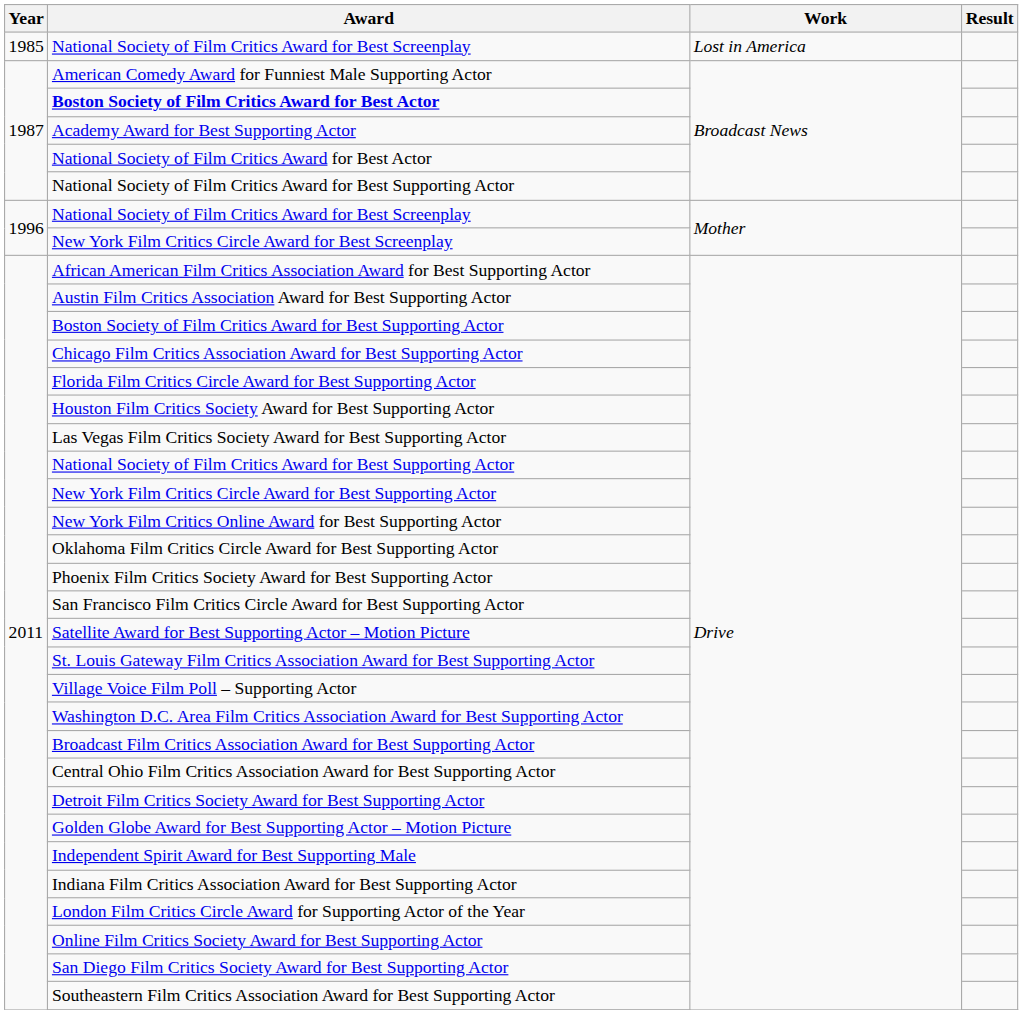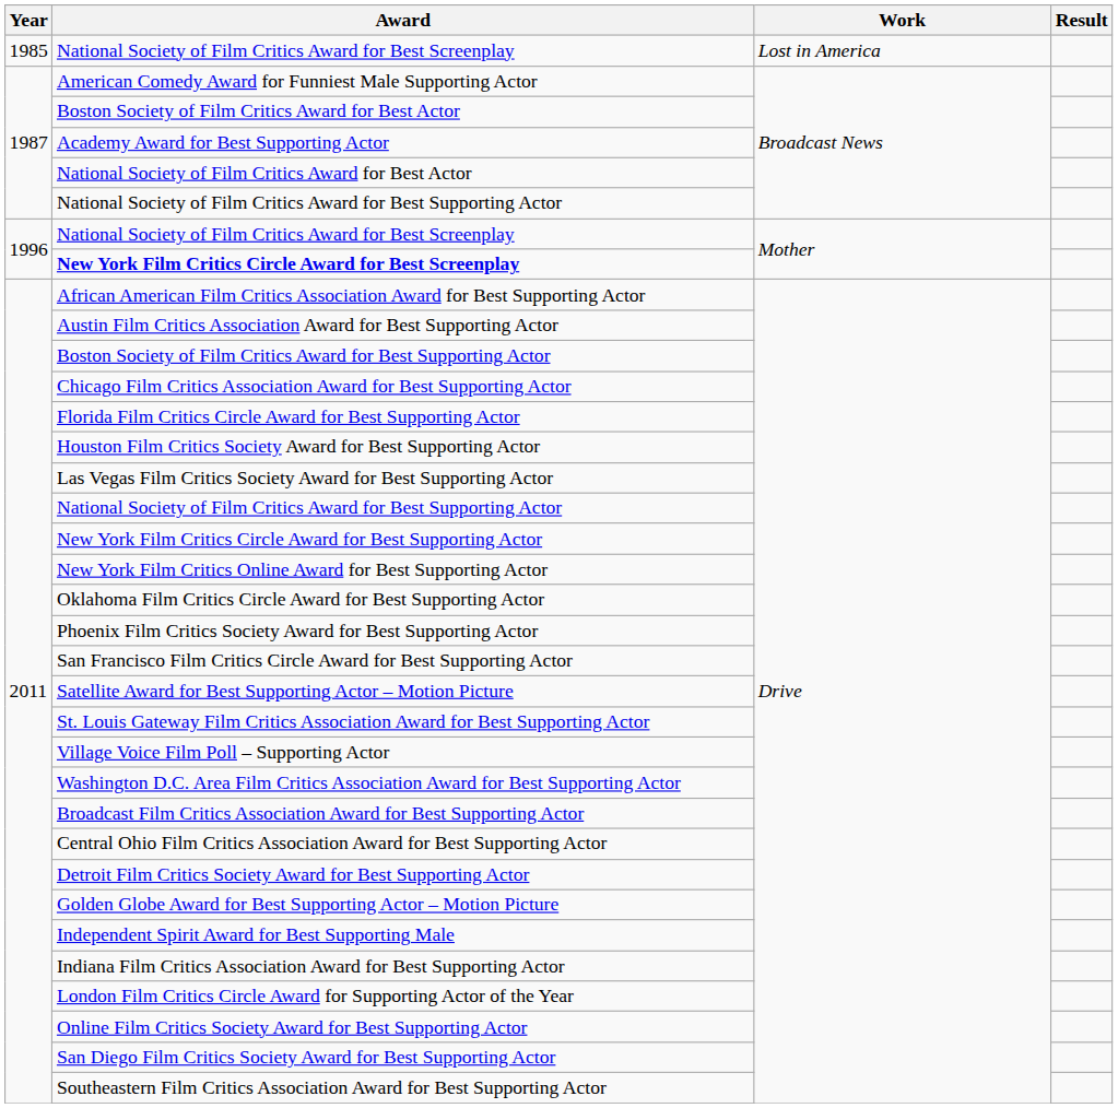 <table class=wikitable>
 <tr>
 <th scope="col" style="width:2em;">Year</th>
 <th scope="col" style="width:36em;">Award</th>
 <th scope="col" style="width:15em;">Work</th>
 <th scope="col" style="width:2em;">Result</th>
 </tr>
 <tr>
 <td>1985</td>
 <td><a href='#'>National Society of Film Critics Award for Best Screenplay</a></td>
 <td><em>Lost in America</em></td>
 <td></td>
 </tr>
 <tr>
 <td rowspan=5>1987</td>
 <td><a href='#'>American Comedy Award</a> for Funniest Male Supporting Actor</td>
 <td rowspan=5><em>Broadcast News</em></td>
 <td></td>
 </tr>
 <tr>
-<td><strong><a href='#'>Boston Society of Film Critics Award for Best Actor</a></strong></td>
+<td><a href='#'>Boston Society of Film Critics Award for Best Actor</a></td>
 <td></td>
 </tr>
 <tr>
 <td><a href='#'>Academy Award for Best Supporting Actor</a></td>
 <td></td>
 </tr>
 <tr>
 <td><a href='#'>National Society of Film Critics Award</a> for Best Actor</td>
 <td></td>
 </tr>
 <tr>
 <td>National Society of Film Critics Award for Best Supporting Actor</td>
 <td></td>
 </tr>
 <tr>
 <td rowspan=2>1996</td>
 <td><a href='#'>National Society of Film Critics Award for Best Screenplay</a></td>
 <td rowspan=2><em>Mother</em></td>
 <td></td>
 </tr>
 <tr>
-<td><a href='#'>New York Film Critics Circle Award for Best Screenplay</a></td>
+<td><strong><a href='#'>New York Film Critics Circle Award for Best Screenplay</a></strong></td>
 <td></td>
 </tr>
 <tr>
 <td rowspan=30>2011</td>
 <td><a href='#'>African American Film Critics Association Award</a> for Best Supporting Actor</td>
 <td rowspan=30><em>Drive</em></td>
 <td></td>
 </tr>
 <tr>
 <td><a href='#'>Austin Film Critics Association</a> Award for Best Supporting Actor</td>
 <td></td>
 </tr>
 <tr>
 <td><a href='#'>Boston Society of Film Critics Award for Best Supporting Actor</a></td>
 <td></td>
 </tr>
 <tr>
 <td><a href='#'>Chicago Film Critics Association Award for Best Supporting Actor</a></td>
 <td></td>
 </tr>
 <tr>
 <td><a href='#'>Florida Film Critics Circle Award for Best Supporting Actor</a></td>
 <td></td>
 </tr>
 <tr>
 <td><a href='#'>Houston Film Critics Society</a> Award for Best Supporting Actor</td>
 <td></td>
 </tr>
 <tr>
 <td>Las Vegas Film Critics Society Award for Best Supporting Actor</td>
 <td></td>
 </tr>
 <tr>
 <td><a href='#'>National Society of Film Critics Award for Best Supporting Actor</a></td>
 <td></td>
 </tr>
 <tr>
 <td><a href='#'>New York Film Critics Circle Award for Best Supporting Actor</a></td>
 <td></td>
 </tr>
 <tr>
 <td><a href='#'>New York Film Critics Online Award</a> for Best Supporting Actor</td>
 <td></td>
 </tr>
 <tr>
 <td>Oklahoma Film Critics Circle Award for Best Supporting Actor</td>
 <td></td>
 </tr>
 <tr>
 <td>Phoenix Film Critics Society Award for Best Supporting Actor</td>
 <td></td>
 </tr>
 <tr>
 <td>San Francisco Film Critics Circle Award for Best Supporting Actor</td>
 <td></td>
 </tr>
 <tr>
 <td><a href='#'>Satellite Award for Best Supporting Actor – Motion Picture</a></td>
 <td></td>
 </tr>
 <tr>
 <td><a href='#'>St. Louis Gateway Film Critics Association Award for Best Supporting Actor</a></td>
 <td></td>
 </tr>
 <tr>
 <td><a href='#'>Village Voice Film Poll</a> – Supporting Actor</td>
 <td></td>
 </tr>
 <tr>
 <td><a href='#'>Washington D.C. Area Film Critics Association Award for Best Supporting Actor</a></td>
 <td></td>
 </tr>
 <tr>
 <td><a href='#'>Broadcast Film Critics Association Award for Best Supporting Actor</a></td>
 <td></td>
 </tr>
 <tr>
 <td>Central Ohio Film Critics Association Award for Best Supporting Actor</td>
 <td></td>
 </tr>
 <tr>
 <td><a href='#'>Detroit Film Critics Society Award for Best Supporting Actor</a></td>
 <td></td>
 </tr>
 <tr>
 <td><a href='#'>Golden Globe Award for Best Supporting Actor – Motion Picture</a></td>
 <td></td>
 </tr>
 <tr>
 <td><a href='#'>Independent Spirit Award for Best Supporting Male</a></td>
 <td></td>
 </tr>
 <tr>
 <td>Indiana Film Critics Association Award for Best Supporting Actor</td>
 <td></td>
 </tr>
 <tr>
 <td><a href='#'>London Film Critics Circle Award</a> for Supporting Actor of the Year</td>
 <td></td>
 </tr>
 <tr>
 <td><a href='#'>Online Film Critics Society Award for Best Supporting Actor</a></td>
 <td></td>
 </tr>
 <tr>
 <td><a href='#'>San Diego Film Critics Society Award for Best Supporting Actor</a></td>
 <td></td>
 </tr>
 <tr>
 <td>Southeastern Film Critics Association Award for Best Supporting Actor</td>
 <td></td>
 </tr>
 <tr>
 </tr>
 </table>
